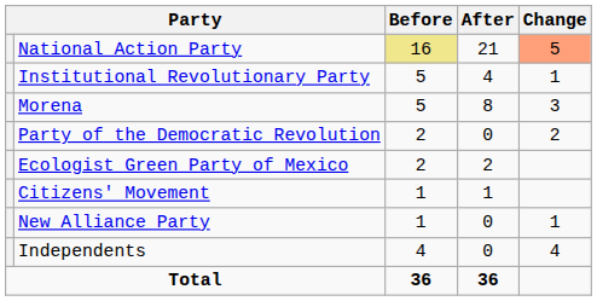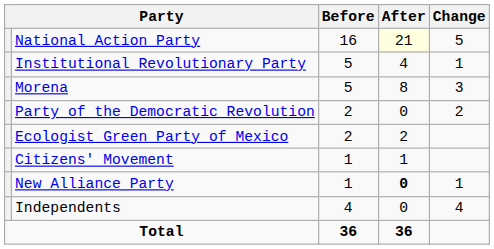 <table class="wikitable" style="text-align:center;">
 <tr>
 <th colspan="2">Party</th>
 <th style="width:3em">Before</th>
 <th style="width:3em">After</th>
 <th style="width:3em">Change</th>
 </tr>
 <tr>
 <th style="background-color:"></th>
 <td style="text-align:left;"><a href='#'>National Action Party</a></td>
-<td style="background: khaki;">16</td>
-<td>21</td>
-<td style="background: lightsalmon;">5</td>
+<td>16</td>
+<td style="background: lightyellow;">21</td>
+<td>5</td>
 </tr>
 <tr>
 <th style="background-color:"></th>
 <td style="text-align:left;"><a href='#'>Institutional Revolutionary Party</a></td>
 <td>5</td>
 <td>4</td>
 <td>1</td>
 </tr>
 <tr>
 <th style="background-color:"></th>
 <td style="text-align:left;"><a href='#'>Morena</a></td>
 <td>5</td>
 <td>8</td>
 <td>3</td>
 </tr>
 <tr>
 <th style="background-color:"></th>
 <td style="text-align:left;"><a href='#'>Party of the Democratic Revolution</a></td>
 <td>2</td>
 <td>0</td>
 <td>2</td>
 </tr>
 <tr>
 <th style="background-color:"></th>
 <td style="text-align:left;"><a href='#'>Ecologist Green Party of Mexico</a></td>
 <td>2</td>
 <td>2</td>
 <td></td>
 </tr>
 <tr>
 <th style="background-color:"></th>
 <td style="text-align:left;"><a href='#'>Citizens' Movement</a></td>
 <td>1</td>
 <td>1</td>
 <td></td>
 </tr>
 <tr>
 <th style="background-color:"></th>
 <td style="text-align:left;"><a href='#'>New Alliance Party</a></td>
 <td>1</td>
-<td>0</td>
+<td><strong>0</strong></td>
 <td>1</td>
 </tr>
 <tr>
 <th style="background-color:"></th>
 <td style="text-align:left;">Independents</td>
 <td>4</td>
 <td>0</td>
 <td>4</td>
 </tr>
 <tr>
 <td colspan="2"><strong>Total</strong></td>
 <td><strong>36</strong></td>
 <td><strong>36</strong></td>
 <td></td>
 </tr>
 </table>
